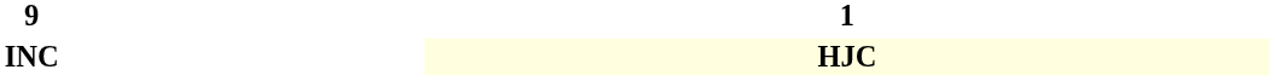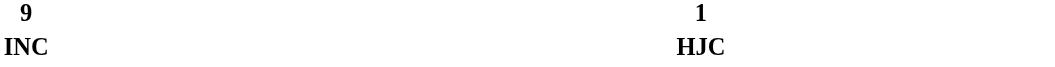 <table style="width:100%; text-align:center;">
 <tr>
 <td style="background:"><strong>9</strong></td>
 <td style="background:"><strong>1</strong></td>
 </tr>
 <tr>
 <td><span><strong>INC</strong></span></td>
-<td style="background: lightyellow;"><span><strong>HJC</strong></span></td>
+<td><span><strong>HJC</strong></span></td>
 </tr>
 </table>
